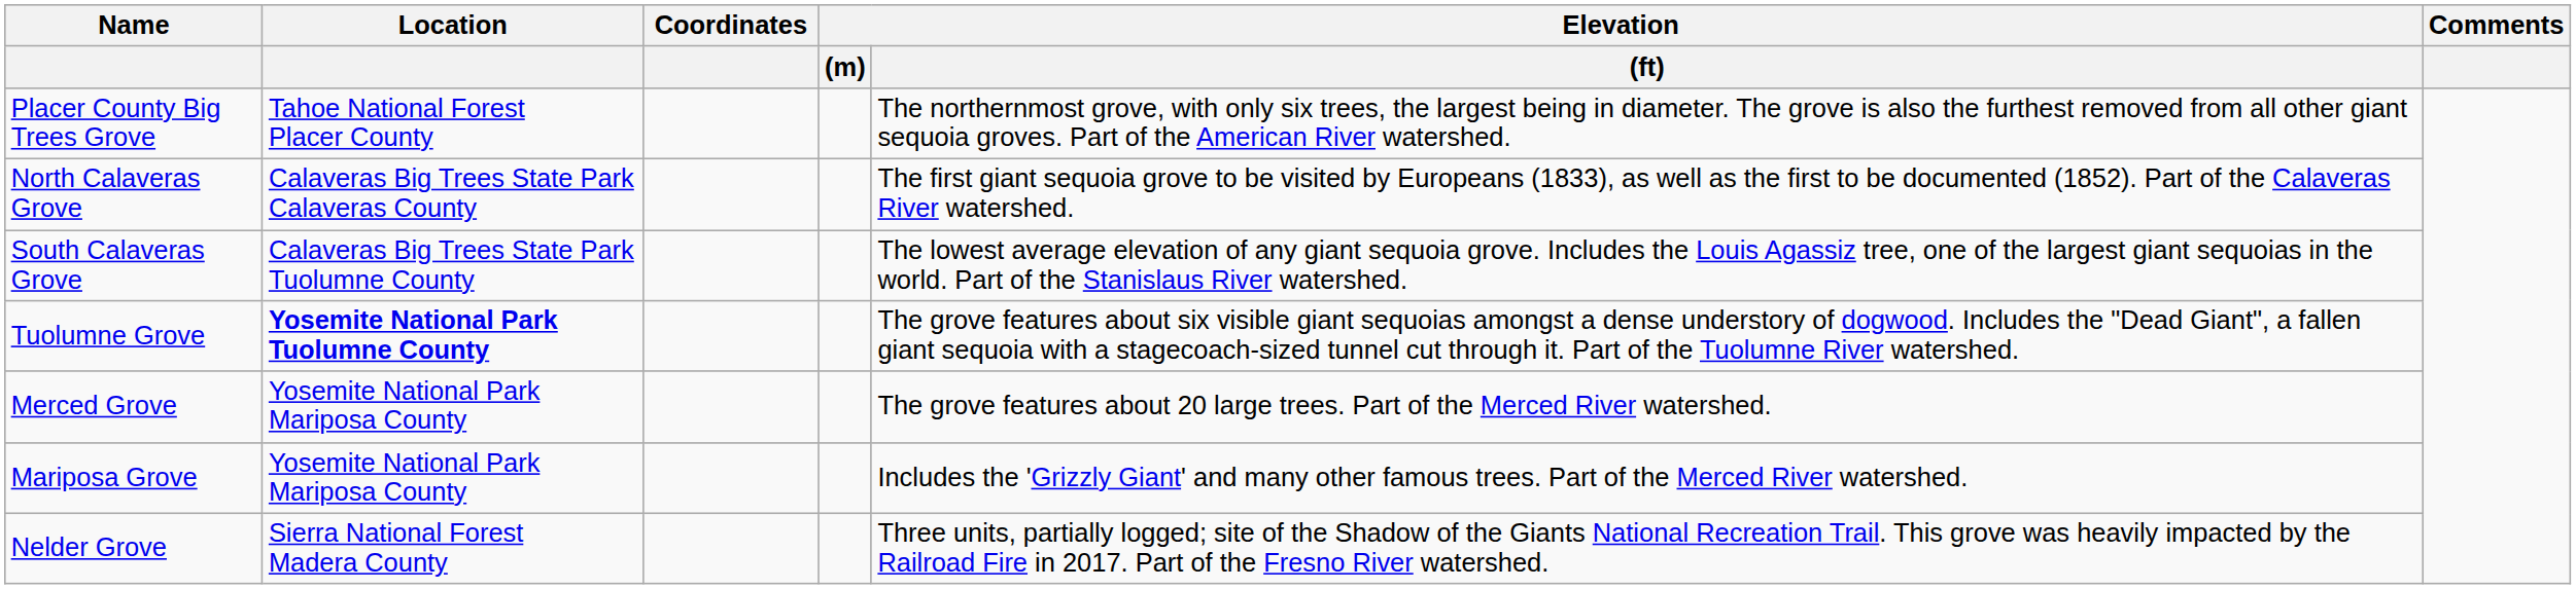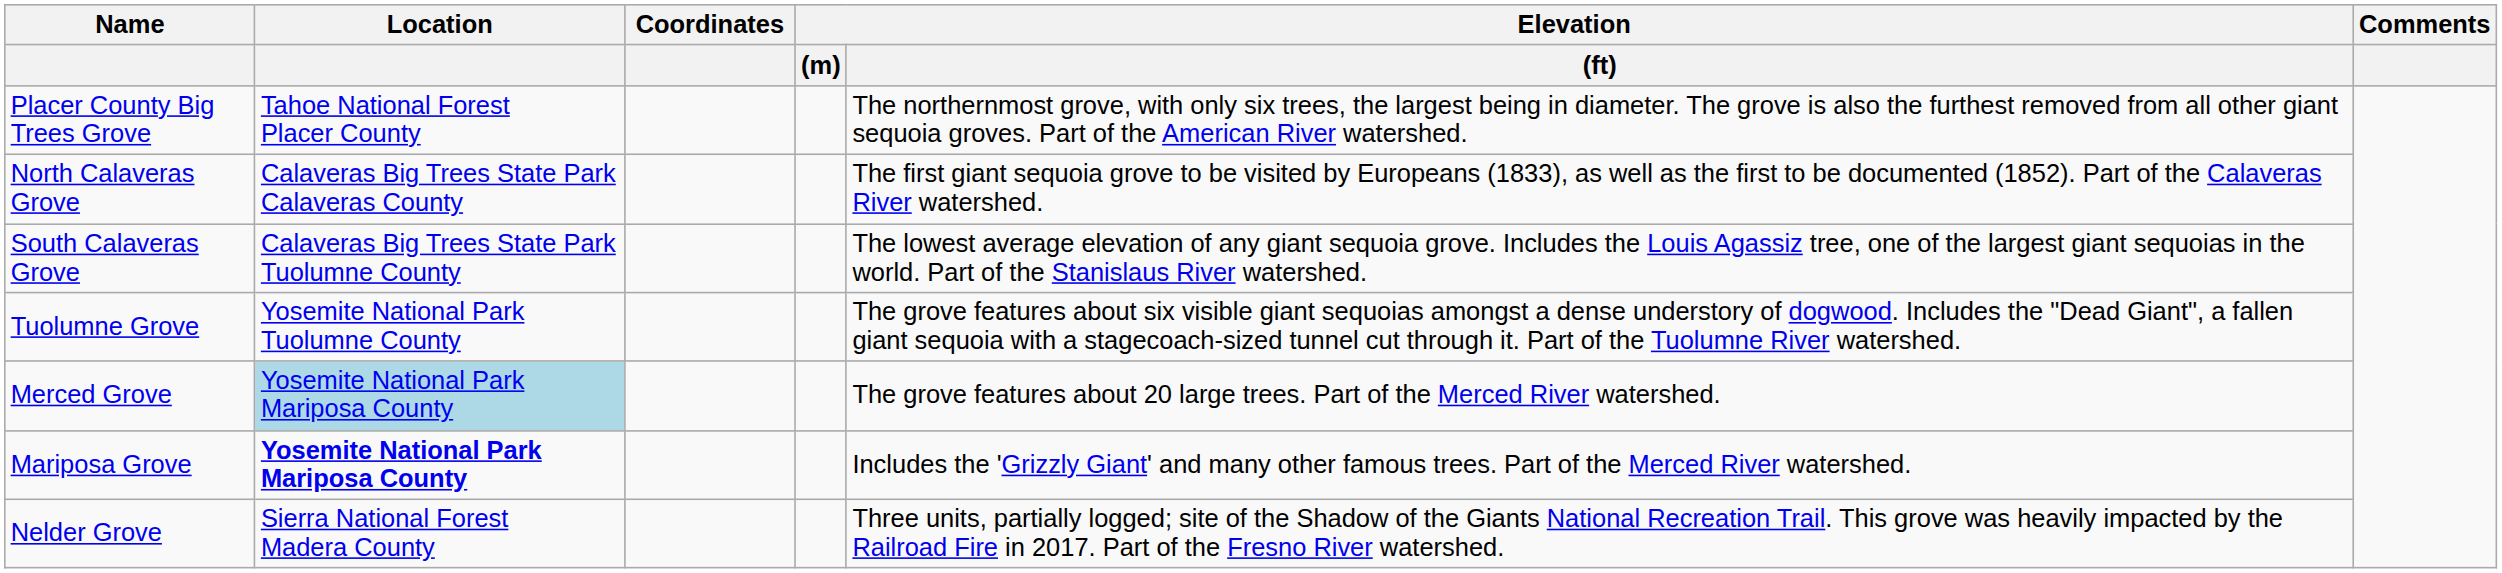 <table class="wikitable">
 <tr>
 <th width=150>Name</th>
 <th width=225>Location</th>
 <th width=100>Coordinates</th>
 <th colspan=2>Elevation</th>
 <th>Comments</th>
 </tr>
 <tr>
 <th></th>
 <th></th>
 <th></th>
 <th>(m)</th>
 <th>(ft)</th>
 <th></th>
 </tr>
 <tr>
 <td><a href='#'>Placer County Big Trees Grove</a></td>
 <td><a href='#'>Tahoe National Forest</a><br><a href='#'>Placer County</a></td>
 <td></td>
 <td></td>
 <td>The northernmost grove, with only six trees, the largest being  in diameter. The grove is also the furthest removed from all other giant sequoia groves. Part of the <a href='#'>American River</a> watershed.</td>
 </tr>
 <tr>
 <td><a href='#'>North Calaveras Grove</a></td>
 <td><a href='#'>Calaveras Big Trees State Park</a><br><a href='#'>Calaveras County</a></td>
 <td></td>
 <td></td>
 <td>The first giant sequoia grove to be visited by Europeans (1833), as well as the first to be documented (1852). Part of the <a href='#'>Calaveras River</a> watershed.</td>
 </tr>
 <tr>
 <td><a href='#'>South Calaveras Grove</a></td>
 <td><a href='#'>Calaveras Big Trees State Park</a><br><a href='#'>Tuolumne County</a></td>
 <td></td>
 <td></td>
 <td>The lowest average elevation of any giant sequoia grove. Includes the <a href='#'>Louis Agassiz</a> tree, one of the largest giant sequoias in the world. Part of the <a href='#'>Stanislaus River</a> watershed.</td>
 </tr>
 <tr>
 <td><a href='#'>Tuolumne Grove</a></td>
-<td><strong><a href='#'>Yosemite National Park</a><br><a href='#'>Tuolumne County</a></strong></td>
+<td><a href='#'>Yosemite National Park</a><br><a href='#'>Tuolumne County</a></td>
 <td></td>
 <td></td>
 <td>The grove features about six visible giant sequoias amongst a dense understory of <a href='#'>dogwood</a>. Includes the "Dead Giant", a fallen giant sequoia with a stagecoach-sized tunnel cut through it. Part of the <a href='#'>Tuolumne River</a> watershed.</td>
 </tr>
 <tr>
 <td><a href='#'>Merced Grove</a></td>
-<td><a href='#'>Yosemite National Park</a><br><a href='#'>Mariposa County</a></td>
+<td style="background: lightblue;"><a href='#'>Yosemite National Park</a><br><a href='#'>Mariposa County</a></td>
 <td></td>
 <td></td>
 <td>The grove features about 20 large trees. Part of the <a href='#'>Merced River</a> watershed.</td>
 </tr>
 <tr>
 <td><a href='#'>Mariposa Grove</a></td>
-<td><a href='#'>Yosemite National Park</a><br><a href='#'>Mariposa County</a></td>
+<td><strong><a href='#'>Yosemite National Park</a><br><a href='#'>Mariposa County</a></strong></td>
 <td></td>
 <td></td>
 <td>Includes the '<a href='#'>Grizzly Giant</a>' and many other famous trees. Part of the <a href='#'>Merced River</a> watershed.</td>
 </tr>
 <tr>
 <td><a href='#'>Nelder Grove</a></td>
 <td><a href='#'>Sierra National Forest</a><br><a href='#'>Madera County</a></td>
 <td></td>
 <td></td>
 <td>Three units, partially logged; site of the Shadow of the Giants <a href='#'>National Recreation Trail</a>. This grove was heavily impacted by the <a href='#'>Railroad Fire</a> in 2017. Part of the <a href='#'>Fresno River</a> watershed.</td>
 </tr>
 </table>
